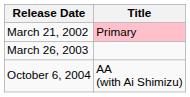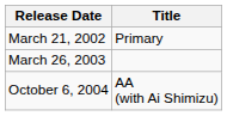 <table class="wikitable">
 <tr>
 <th>Release Date</th>
 <th>Title</th>
 </tr>
 <tr>
 <td>March 21, 2002</td>
-<td style="background: pink;">Primary</td>
+<td>Primary</td>
 </tr>
 <tr>
 <td>March 26, 2003</td>
 <td></td>
 </tr>
 <tr>
 <td>October 6, 2004</td>
 <td>AA<br>(with Ai Shimizu)</td>
 </tr>
 </table>
